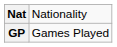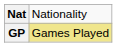 <table class="wikitable" style="font-size:90%;">
 <tr>
 <th>Nat</th>
 <td>Nationality</td>
 </tr>
 <tr>
 <th>GP</th>
-<td>Games Played</td>
+<td style="background: khaki;">Games Played</td>
 </tr>
 </table>
